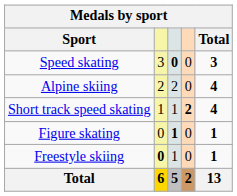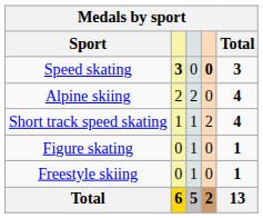 <table class=wikitable style=font-size:85%;float:right;text-align:center>
 <tr>
 <th colspan=5>Medals by sport</th>
 </tr>
 <tr>
 <th>Sport</th>
 <td bgcolor=F7F6A8></td>
 <td bgcolor=DCE5E5></td>
 <td bgcolor=FFDAB9></td>
 <th>Total</th>
 </tr>
 <tr>
 <td><a href='#'>Speed skating</a></td>
-<td bgcolor=F7F6A8>3</td>
-<td bgcolor=DCE5E5><strong>0</strong></td>
-<td bgcolor=FFDAB9>0</td>
+<td bgcolor=F7F6A8><strong>3</strong></td>
+<td bgcolor=DCE5E5>0</td>
+<td bgcolor=FFDAB9><strong>0</strong></td>
 <td><strong>3</strong></td>
 </tr>
 <tr>
 <td><a href='#'>Alpine skiing</a></td>
 <td bgcolor=F7F6A8>2</td>
 <td bgcolor=DCE5E5>2</td>
 <td bgcolor=FFDAB9>0</td>
 <td><strong>4</strong></td>
 </tr>
 <tr>
 <td><a href='#'>Short track speed skating</a></td>
 <td bgcolor=F7F6A8>1</td>
 <td bgcolor=DCE5E5>1</td>
-<td bgcolor=FFDAB9><strong>2</strong></td>
+<td bgcolor=FFDAB9>2</td>
 <td><strong>4</strong></td>
 </tr>
 <tr>
 <td><a href='#'>Figure skating</a></td>
 <td bgcolor=F7F6A8>0</td>
-<td bgcolor=DCE5E5><strong>1</strong></td>
+<td bgcolor=DCE5E5>1</td>
 <td bgcolor=FFDAB9>0</td>
 <td><strong>1</strong></td>
 </tr>
 <tr>
 <td><a href='#'>Freestyle skiing</a></td>
-<td bgcolor=F7F6A8><strong>0</strong></td>
+<td bgcolor=F7F6A8>0</td>
 <td bgcolor=DCE5E5>1</td>
 <td bgcolor=FFDAB9>0</td>
 <td><strong>1</strong></td>
 </tr>
 <tr>
 <th>Total</th>
 <th style=background:gold>6</th>
 <th style=background:silver>5</th>
 <th style=background:#c96>2</th>
 <th>13</th>
 </tr>
 </table>
